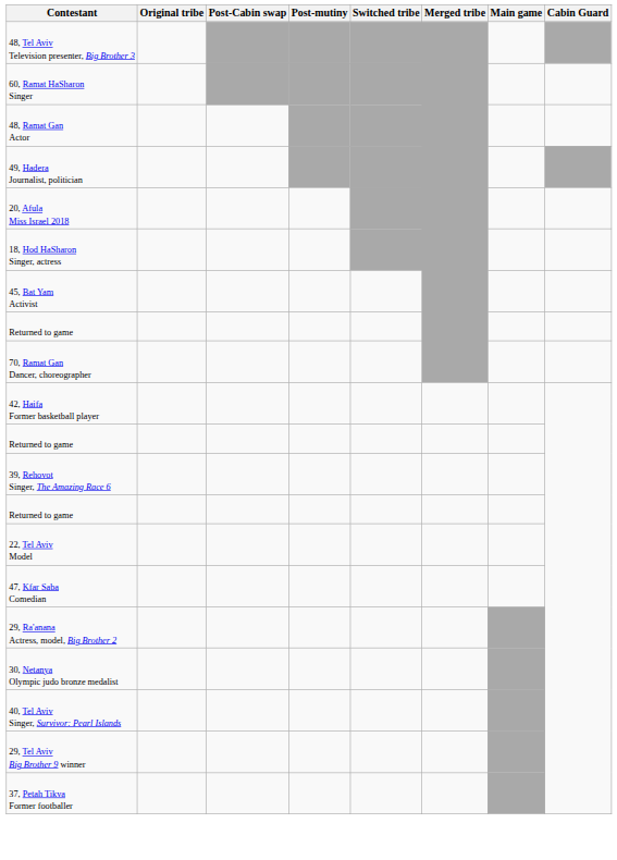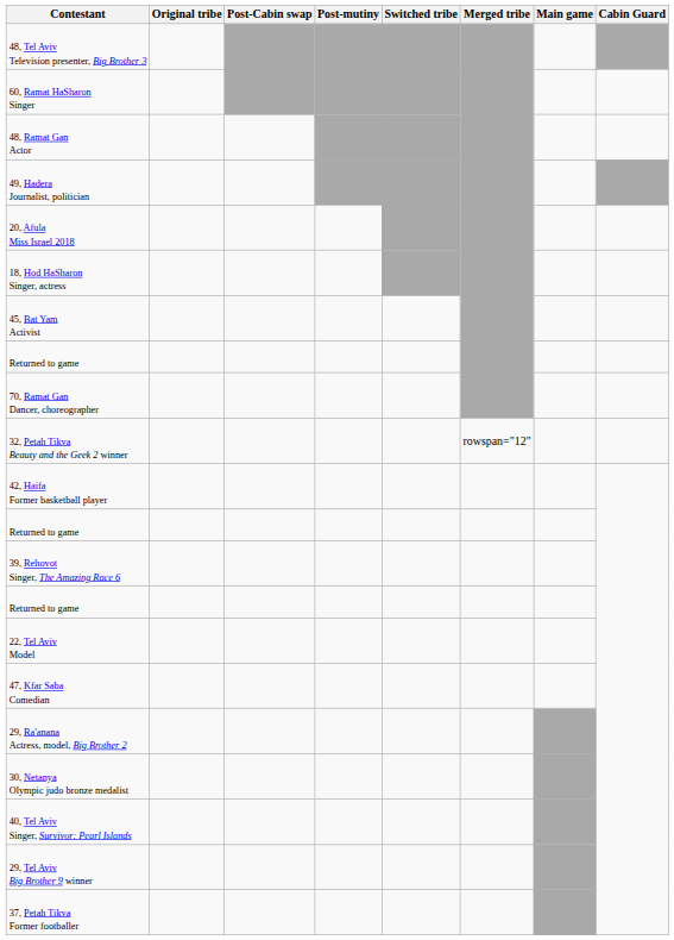 <table class="wikitable sortable nowrap" style="margin:auto; text-align:center">
 <tr>
 <th>Contestant</th>
 <th>Original tribe</th>
 <th>Post-Cabin swap</th>
 <th>Post-mutiny</th>
 <th>Switched tribe</th>
 <th>Merged tribe</th>
 <th>Main game</th>
 <th>Cabin Guard</th>
 </tr>
 <tr>
 <td align="left"><strong></strong><br><small>48, <a href='#'>Tel Aviv</a><br>Television presenter, <a href='#'><em>Big Brother 3</em></a></small></td>
 <td></td>
 <td style="background:darkgrey;"></td>
 <td style="background:darkgrey;"></td>
 <td style="background:darkgrey;"></td>
 <td style="background:darkgrey;" rowspan="9";></td>
 <td></td>
 <td bgcolor="darkgrey"></td>
 </tr>
 <tr>
 <td align="left"><strong></strong><br><small>60, <a href='#'>Ramat HaSharon</a><br>Singer</small></td>
 <td></td>
 <td style="background:darkgrey;"></td>
 <td style="background:darkgrey;"></td>
 <td style="background:darkgrey;"></td>
 <td></td>
 <td></td>
 </tr>
 <tr>
 <td align="left"><strong></strong><br><small>48, <a href='#'>Ramat Gan</a><br>Actor</small></td>
 <td></td>
 <td></td>
 <td style="background:darkgrey;"></td>
 <td style="background:darkgrey;"></td>
 <td></td>
 <td></td>
 </tr>
 <tr>
 <td align="left"><strong></strong><br><small>49, <a href='#'>Hadera</a><br>Journalist, politician</small></td>
 <td></td>
 <td></td>
 <td style="background:darkgrey;"></td>
 <td style="background:darkgrey;"></td>
 <td></td>
 <td bgcolor="darkgrey"></td>
 </tr>
 <tr>
 <td align="left"><strong></strong><br><small>20, <a href='#'>Afula</a><br><a href='#'>Miss Israel 2018</a></small></td>
 <td></td>
 <td></td>
 <td></td>
 <td style="background:darkgrey;"></td>
 <td></td>
 <td></td>
 </tr>
 <tr>
 <td align="left"><strong></strong><br><small>18, <a href='#'>Hod HaSharon</a><br>Singer, actress</small></td>
 <td></td>
 <td></td>
 <td></td>
 <td style="background:darkgrey;"></td>
 <td></td>
 <td></td>
 </tr>
 <tr>
 <td align="left"><strong></strong><br><small>45, <a href='#'>Bat Yam</a><br>Activist</small></td>
 <td></td>
 <td></td>
 <td></td>
 <td></td>
 <td></td>
 <td></td>
 </tr>
 <tr>
 <td align="left"><em></em><br><small>Returned to game</small></td>
 <td></td>
 <td></td>
 <td></td>
 <td></td>
 <td></td>
 <td></td>
 </tr>
 <tr>
 <td align="left"><strong></strong><br><small>70, <a href='#'>Ramat Gan</a><br>Dancer, choreographer</small></td>
 <td></td>
 <td></td>
 <td></td>
 <td></td>
+<td></td>
+<td></td>
+</tr>
+<tr>
+<td align="left"><strong></strong><br><small>32, <a href='#'>Petah Tikva</a><br><em>Beauty and the Geek 2</em> winner</small></td>
+<td></td>
+<td></td>
+<td></td>
+<td></td>
+<td>rowspan="12" </td>
 <td></td>
 <td></td>
 </tr>
 <tr>
 <td align="left"><strong></strong><br><small>42, <a href='#'>Haifa</a><br>Former basketball player</small></td>
 <td></td>
 <td></td>
 <td></td>
 <td></td>
 <td></td>
 <td></td>
 </tr>
 <tr>
 <td align="left"><em></em><br><small>Returned to game</small></td>
 <td></td>
 <td></td>
 <td></td>
 <td></td>
 <td></td>
 <td></td>
 </tr>
 <tr>
 <td align="left"><strong></strong><br><small>39, <a href='#'>Rehovot</a><br>Singer, <em><a href='#'>The Amazing Race 6</a></em></small></td>
 <td></td>
 <td></td>
 <td></td>
 <td></td>
 <td></td>
 <td></td>
 </tr>
 <tr>
 <td align="left"><em></em><br><small>Returned to game</small></td>
 <td></td>
 <td></td>
 <td></td>
 <td></td>
 <td></td>
 <td></td>
 </tr>
 <tr>
 <td align="left"><strong></strong><br><small>22, <a href='#'>Tel Aviv</a><br>Model</small></td>
 <td></td>
 <td></td>
 <td></td>
 <td></td>
 <td></td>
 <td></td>
 </tr>
 <tr>
 <td align="left"><strong></strong><br><small>47, <a href='#'>Kfar Saba</a><br>Comedian</small></td>
 <td></td>
 <td></td>
 <td></td>
 <td></td>
 <td></td>
 <td></td>
 </tr>
 <tr>
 <td align="left"><strong></strong><br><small>29, <a href='#'>Ra'anana</a><br>Actress, model, <a href='#'><em>Big Brother 2</em></a></small></td>
 <td></td>
 <td></td>
 <td></td>
 <td></td>
 <td></td>
 <td bgcolor="darkgrey"></td>
 </tr>
 <tr>
 <td align="left"><strong></strong><br><small>30, <a href='#'>Netanya</a><br>Olympic judo bronze medalist</small></td>
 <td></td>
 <td></td>
 <td></td>
 <td></td>
 <td></td>
 <td bgcolor="darkgrey"></td>
 </tr>
 <tr>
 <td align="left"><strong></strong><br><small>40, <a href='#'>Tel Aviv</a><br>Singer, <em><a href='#'>Survivor: Pearl Islands</a></em></small></td>
 <td></td>
 <td></td>
 <td></td>
 <td></td>
 <td></td>
 <td bgcolor="darkgrey"></td>
 </tr>
 <tr>
 <td align="left"><strong></strong><br><small>29, <a href='#'>Tel Aviv</a><br><em><a href='#'>Big Brother 9</a></em> winner</small></td>
 <td></td>
 <td></td>
 <td></td>
 <td></td>
 <td></td>
 <td bgcolor="darkgrey"></td>
 </tr>
 <tr>
 <td align="left"><strong></strong><br><small>37, <a href='#'>Petah Tikva</a><br>Former footballer</small></td>
 <td></td>
 <td></td>
 <td></td>
 <td></td>
 <td></td>
 <td bgcolor="darkgrey"></td>
 </tr>
 </table>
